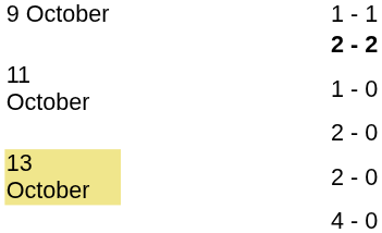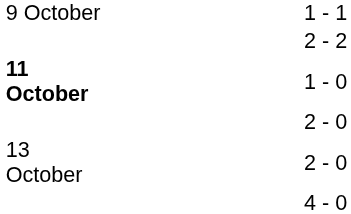 <table cellspacing=1 width=85%>
 <tr>
 <th width=15%></th>
 <th width=25%></th>
 <th width=10%></th>
 <th width=25%></th>
 <th width=25%></th>
 </tr>
 <tr>
 <td>9 October</td>
 <td align=right></td>
 <td align=center>1 - 1</td>
 <td></td>
 </tr>
 <tr>
 <td></td>
 <td align=right></td>
-<td align=center><strong>2 - 2</strong></td>
+<td align=center>2 - 2</td>
 <td></td>
 </tr>
 <tr>
-<td>11 October</td>
+<td><strong>11 October</strong></td>
 <td align=right></td>
 <td align=center>1 - 0</td>
 <td></td>
 </tr>
 <tr>
 <td></td>
 <td align=right></td>
 <td align=center>2 - 0</td>
 <td></td>
 </tr>
 <tr>
-<td style="background: khaki;">13 October</td>
+<td>13 October</td>
 <td align=right></td>
 <td align=center>2 - 0</td>
 <td></td>
 </tr>
 <tr>
 <td></td>
 <td align=right></td>
 <td align=center>4 - 0</td>
 <td></td>
 </tr>
 </table>
